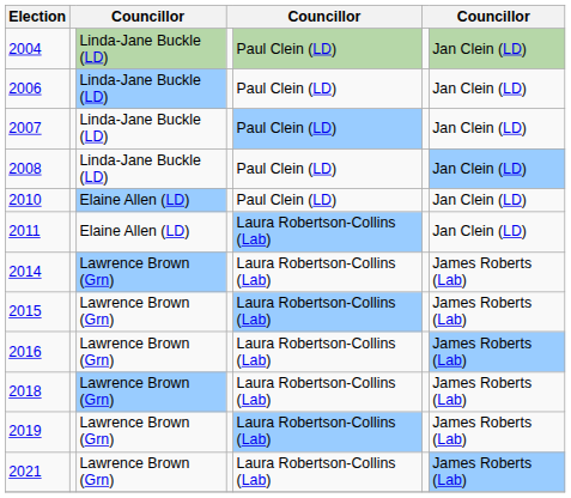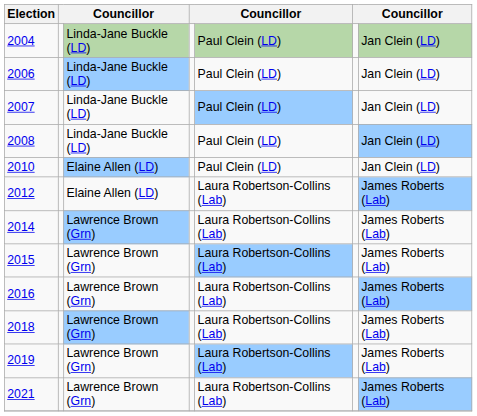 <table class="wikitable">
 <tr>
 <th>Election</th>
 <th colspan="2">Councillor</th>
 <th colspan="2">Councillor</th>
 <th colspan="2">Councillor</th>
 </tr>
 <tr>
 <td><a href='#'>2004</a></td>
 <td style="background-color: "></td>
 <td bgcolor="#B6D7A8">Linda-Jane Buckle (<a href='#'>LD</a>)</td>
 <td style="background-color: "></td>
 <td bgcolor="#B6D7A8">Paul Clein (<a href='#'>LD</a>)</td>
 <td style="background-color: "></td>
 <td bgcolor="#B6D7A8">Jan Clein (<a href='#'>LD</a>)</td>
 </tr>
 <tr>
 <td><a href='#'>2006</a></td>
 <td style="background-color: "></td>
 <td bgcolor="#99CCFF">Linda-Jane Buckle (<a href='#'>LD</a>)</td>
 <td style="background-color: "></td>
 <td>Paul Clein (<a href='#'>LD</a>)</td>
 <td style="background-color: "></td>
 <td>Jan Clein (<a href='#'>LD</a>)</td>
 </tr>
 <tr>
 <td><a href='#'>2007</a></td>
 <td style="background-color: "></td>
 <td>Linda-Jane Buckle (<a href='#'>LD</a>)</td>
 <td style="background-color: "></td>
 <td bgcolor="#99CCFF">Paul Clein (<a href='#'>LD</a>)</td>
 <td style="background-color: "></td>
 <td>Jan Clein (<a href='#'>LD</a>)</td>
 </tr>
 <tr>
 <td><a href='#'>2008</a></td>
 <td style="background-color: "></td>
 <td>Linda-Jane Buckle (<a href='#'>LD</a>)</td>
 <td style="background-color: "></td>
 <td>Paul Clein (<a href='#'>LD</a>)</td>
 <td style="background-color: "></td>
 <td bgcolor="#99CCFF">Jan Clein (<a href='#'>LD</a>)</td>
 </tr>
 <tr>
 <td><a href='#'>2010</a></td>
 <td style="background-color: "></td>
 <td bgcolor="#99CCFF">Elaine Allen (<a href='#'>LD</a>)</td>
 <td style="background-color: "></td>
 <td>Paul Clein (<a href='#'>LD</a>)</td>
 <td style="background-color: "></td>
 <td>Jan Clein (<a href='#'>LD</a>)</td>
 </tr>
 <tr>
-<td><a href='#'>2011</a></td>
+<td><a href='#'>2012</a></td>
 <td style="background-color: "></td>
 <td>Elaine Allen (<a href='#'>LD</a>)</td>
 <td style="background-color: "></td>
-<td bgcolor="#99CCFF">Laura Robertson-Collins (<a href='#'>Lab</a>)</td>
+<td>Laura Robertson-Collins (<a href='#'>Lab</a>)</td>
 <td style="background-color: "></td>
-<td>Jan Clein (<a href='#'>LD</a>)</td>
+<td bgcolor="#99CCFF">James Roberts (<a href='#'>Lab</a>)</td>
 </tr>
 <tr>
 <td><a href='#'>2014</a></td>
 <td style="background-color: "></td>
 <td bgcolor="#99CCFF">Lawrence Brown (<a href='#'>Grn</a>)</td>
 <td style="background-color: "></td>
 <td>Laura Robertson-Collins (<a href='#'>Lab</a>)</td>
 <td style="background-color: "></td>
 <td>James Roberts (<a href='#'>Lab</a>)</td>
 </tr>
 <tr>
 <td><a href='#'>2015</a></td>
 <td style="background-color: "></td>
 <td>Lawrence Brown (<a href='#'>Grn</a>)</td>
 <td style="background-color: "></td>
 <td bgcolor="#99CCFF">Laura Robertson-Collins (<a href='#'>Lab</a>)</td>
 <td style="background-color: "></td>
 <td>James Roberts (<a href='#'>Lab</a>)</td>
 </tr>
 <tr>
 <td><a href='#'>2016</a></td>
 <td style="background-color: "></td>
 <td>Lawrence Brown (<a href='#'>Grn</a>)</td>
 <td style="background-color: "></td>
 <td>Laura Robertson-Collins (<a href='#'>Lab</a>)</td>
 <td style="background-color: "></td>
 <td bgcolor="#99CCFF">James Roberts (<a href='#'>Lab</a>)</td>
 </tr>
 <tr>
 <td><a href='#'>2018</a></td>
 <td style="background-color: "></td>
 <td bgcolor="#99CCFF">Lawrence Brown (<a href='#'>Grn</a>)</td>
 <td style="background-color: "></td>
 <td>Laura Robertson-Collins (<a href='#'>Lab</a>)</td>
 <td style="background-color: "></td>
 <td>James Roberts (<a href='#'>Lab</a>)</td>
 </tr>
 <tr>
 <td><a href='#'>2019</a></td>
 <td style="background-color: "></td>
 <td>Lawrence Brown (<a href='#'>Grn</a>)</td>
 <td style="background-color: "></td>
 <td bgcolor="#99CCFF">Laura Robertson-Collins (<a href='#'>Lab</a>)</td>
 <td style="background-color: "></td>
 <td>James Roberts (<a href='#'>Lab</a>)</td>
 </tr>
 <tr>
 <td><a href='#'>2021</a></td>
 <td style="background-color: "></td>
 <td>Lawrence Brown (<a href='#'>Grn</a>)</td>
 <td style="background-color: "></td>
 <td>Laura Robertson-Collins (<a href='#'>Lab</a>)</td>
 <td style="background-color: "></td>
 <td bgcolor="#99CCFF">James Roberts (<a href='#'>Lab</a>)</td>
 </tr>
 <tr>
 </tr>
 </table>
